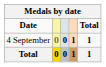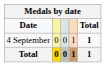 <table class="wikitable" style="font-size:85%">
 <tr bgcolor="#efefef">
 <th colspan=6>Medals by date</th>
 </tr>
 <tr align=center>
 <td><strong>Date</strong></td>
 <td bgcolor=#f7f6a8></td>
 <td bgcolor=#dce5e5></td>
 <td bgcolor=#ffdab9></td>
 <td><strong>Total</strong></td>
 </tr>
 <tr align=center>
 <td>4 September</td>
 <td style="background:#F7F6A8;">0</td>
-<td style="background:#DCE5E5;"><strong>0</strong></td>
-<td style="background:#FFDAB9;"><strong>1</strong></td>
+<td style="background:#DCE5E5;">0</td>
+<td style="background:#FFDAB9;">1</td>
 <td><strong>1</strong></td>
 </tr>
 <tr align=center>
 <th><strong>Total</strong></th>
 <th style="background:gold;"><strong>0</strong></th>
 <th style="background:silver;"><strong>0</strong></th>
 <th style="background:#c96;"><strong>1</strong></th>
 <th>1</th>
 </tr>
 </table>
